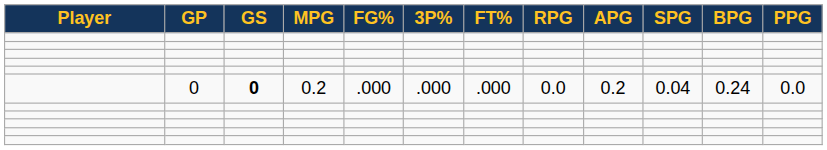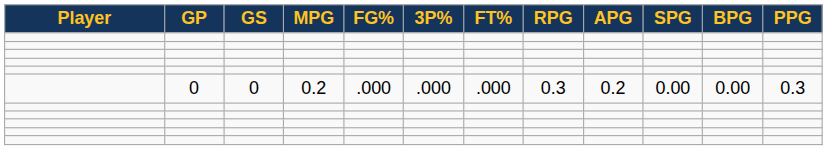 <table class="wikitable sortable" style="text-align:center;">
 <tr>
 <th style="background:#14345B;color:#ffc322;" width="16%">Player</th>
 <th style="background:#14345B;color:#ffc322;" width="6%">GP</th>
 <th style="background:#14345B;color:#ffc322;" width="6%">GS</th>
 <th style="background:#14345B;color:#ffc322;" width="6%">MPG</th>
 <th style="background:#14345B;color:#ffc322;" width="6%">FG%</th>
 <th style="background:#14345B;color:#ffc322;" width="6%">3P%</th>
 <th style="background:#14345B;color:#ffc322;" width="6%">FT%</th>
 <th style="background:#14345B;color:#ffc322;" width="6%">RPG</th>
 <th style="background:#14345B;color:#ffc322;" width="6%">APG</th>
 <th style="background:#14345B;color:#ffc322;" width="6%">SPG</th>
 <th style="background:#14345B;color:#ffc322;" width="6%">BPG</th>
 <th style="background:#14345B;color:#ffc322;" width="6%">PPG</th>
 </tr>
 <tr>
 <td></td>
 <td></td>
 <td></td>
 <td></td>
 <td></td>
 <td></td>
 <td></td>
 <td></td>
 <td></td>
 <td></td>
 <td></td>
 <td></td>
 </tr>
 <tr>
 <td></td>
 <td></td>
 <td></td>
 <td></td>
 <td></td>
 <td></td>
 <td></td>
 <td></td>
 <td></td>
 <td></td>
 <td></td>
 <td></td>
 </tr>
 <tr>
 <td></td>
 <td></td>
 <td></td>
 <td></td>
 <td></td>
 <td></td>
 <td></td>
 <td></td>
 <td></td>
 <td></td>
 <td></td>
 <td></td>
 </tr>
 <tr>
 <td></td>
 <td></td>
 <td></td>
 <td></td>
 <td></td>
 <td></td>
 <td></td>
 <td></td>
 <td></td>
 <td></td>
 <td></td>
 <td></td>
 </tr>
 <tr>
 <td></td>
 <td></td>
 <td></td>
 <td></td>
 <td></td>
 <td></td>
 <td></td>
 <td></td>
 <td></td>
 <td></td>
 <td></td>
 <td></td>
 </tr>
 <tr>
 <td> </td>
 <td>0</td>
-<td><strong>0</strong></td>
+<td>0</td>
 <td>0.2</td>
 <td>.000</td>
 <td>.000</td>
 <td>.000</td>
-<td>0.0</td>
+<td>0.3</td>
 <td>0.2</td>
-<td>0.04</td>
-<td>0.24</td>
-<td>0.0</td>
+<td>0.00</td>
+<td>0.00</td>
+<td>0.3</td>
 </tr>
 <tr>
 <td></td>
 <td></td>
 <td></td>
 <td></td>
 <td></td>
 <td></td>
 <td></td>
 <td></td>
 <td></td>
 <td></td>
 <td></td>
 <td></td>
 </tr>
 <tr>
 <td></td>
 <td></td>
 <td></td>
 <td></td>
 <td></td>
 <td></td>
 <td></td>
 <td></td>
 <td></td>
 <td></td>
 <td></td>
 <td></td>
 </tr>
 <tr>
 <td></td>
 <td></td>
 <td></td>
 <td></td>
 <td></td>
 <td></td>
 <td></td>
 <td></td>
 <td></td>
 <td></td>
 <td></td>
 <td></td>
 </tr>
 <tr>
 <td></td>
 <td></td>
 <td></td>
 <td></td>
 <td></td>
 <td></td>
 <td></td>
 <td></td>
 <td></td>
 <td></td>
 <td></td>
 <td></td>
 </tr>
 <tr>
 <td></td>
 <td></td>
 <td></td>
 <td></td>
 <td></td>
 <td></td>
 <td></td>
 <td></td>
 <td></td>
 <td></td>
 <td></td>
 <td></td>
 </tr>
 </table>
